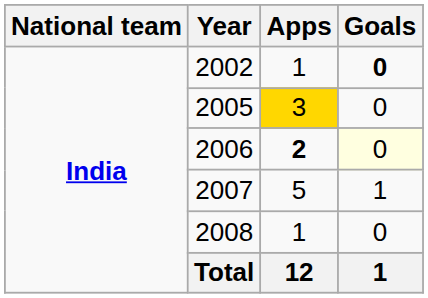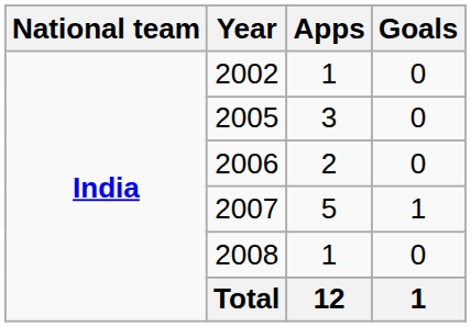 <table class="wikitable" style="font-size:90%; text-align: center;">
 <tr>
 <th>National team</th>
 <th>Year</th>
 <th>Apps</th>
 <th>Goals</th>
 </tr>
 <tr>
 <td rowspan=7><strong><a href='#'>India</a></strong></td>
 <td>2002</td>
 <td>1</td>
-<td><strong>0</strong></td>
+<td>0</td>
 </tr>
 <tr>
 <td>2005</td>
-<td style="background: gold;">3</td>
+<td>3</td>
 <td>0</td>
 </tr>
 <tr>
 <td>2006</td>
-<td><strong>2</strong></td>
-<td style="background: lightyellow;">0</td>
+<td>2</td>
+<td>0</td>
 </tr>
 <tr>
 <td>2007</td>
 <td>5</td>
 <td>1</td>
 </tr>
 <tr>
 <td>2008</td>
 <td>1</td>
 <td>0</td>
 </tr>
 <tr>
 <th>Total</th>
 <th>12</th>
 <th>1</th>
 </tr>
 </table>
